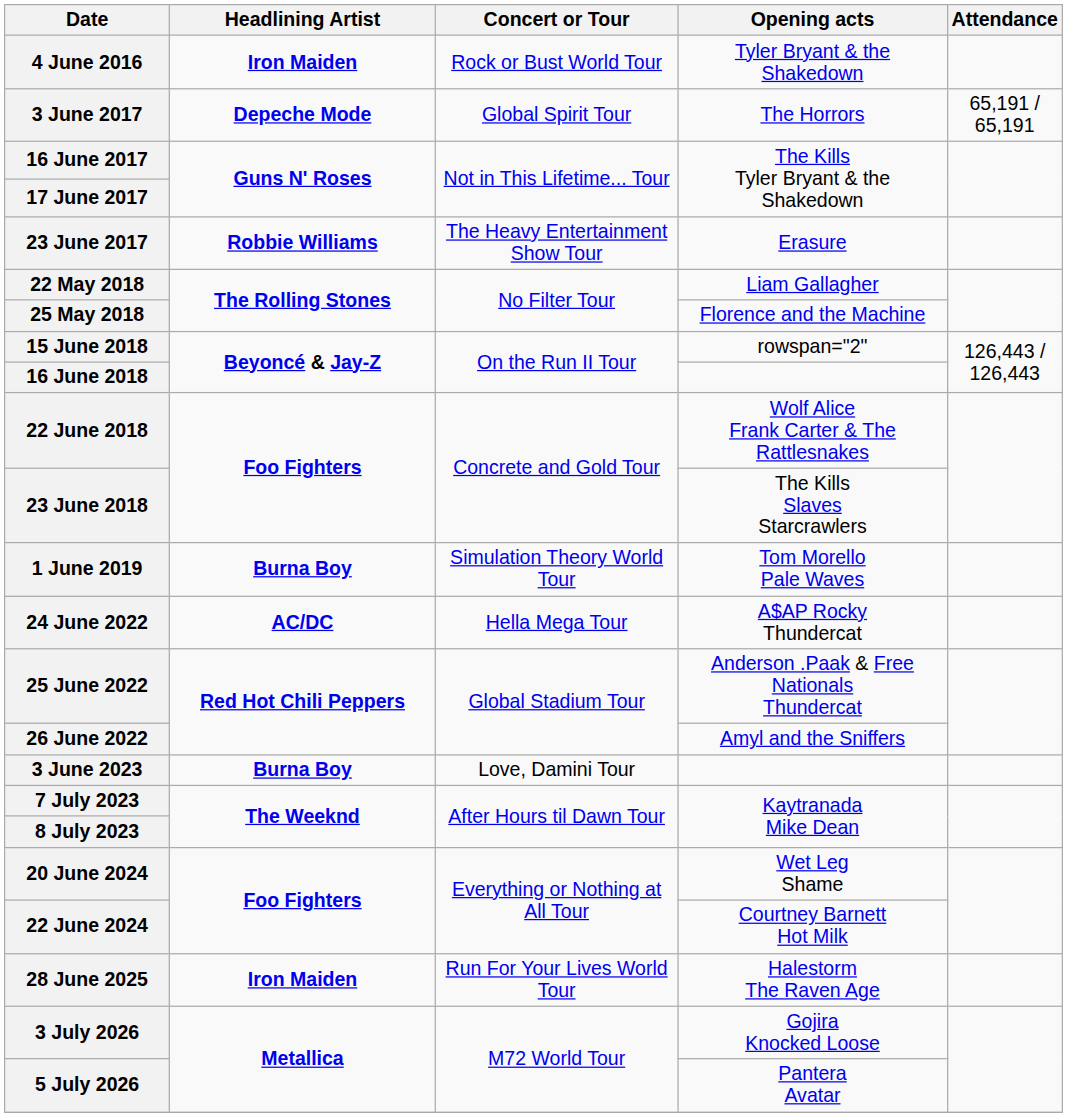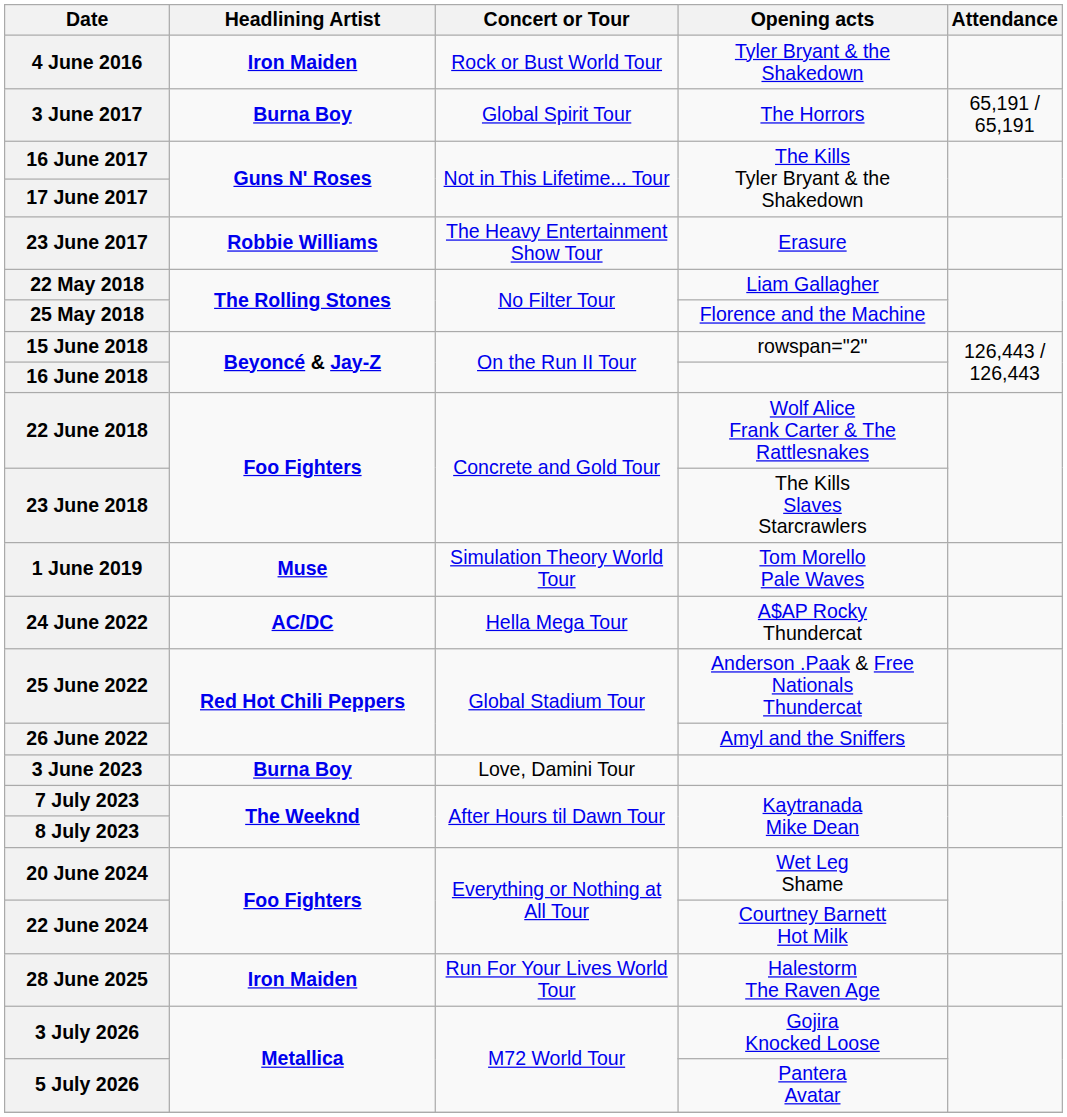 <table class="wikitable plainrowheaders" style="text-align:center;">
 <tr>
 <th scope="col" style="width:10em;">Date</th>
 <th scope="col" style="width:16em;">Headlining Artist</th>
 <th scope="col" style="width:14em;">Concert or Tour</th>
 <th scope="col" style="width:16em;">Opening acts</th>
 <th>Attendance</th>
 </tr>
 <tr>
 <th scope="row">4 June 2016</th>
 <td><strong><a href='#'>Iron Maiden</a></strong></td>
 <td><a href='#'>Rock or Bust World Tour</a></td>
 <td><a href='#'>Tyler Bryant & the Shakedown</a></td>
 <td></td>
 </tr>
 <tr>
 <th scope="row">3 June 2017</th>
-<td><strong><a href='#'>Depeche Mode</a></strong></td>
+<td><strong><a href='#'>Burna Boy</a></strong></td>
 <td><a href='#'>Global Spirit Tour</a></td>
 <td><a href='#'>The Horrors</a></td>
 <td>65,191 / 65,191</td>
 </tr>
 <tr>
 <th scope="row">16 June 2017</th>
 <td rowspan="2"><strong><a href='#'>Guns N' Roses</a></strong></td>
 <td rowspan="2"><a href='#'>Not in This Lifetime... Tour</a></td>
 <td rowspan="2"><a href='#'>The Kills</a> <br> Tyler Bryant & the Shakedown</td>
 <td rowspan="2"></td>
 </tr>
 <tr>
 <th scope="row">17 June 2017</th>
 </tr>
 <tr>
 <th scope="row">23 June 2017</th>
 <td><strong><a href='#'>Robbie Williams</a></strong></td>
 <td><a href='#'>The Heavy Entertainment Show Tour</a></td>
 <td><a href='#'>Erasure</a></td>
 <td></td>
 </tr>
 <tr>
 <th scope="row">22 May 2018</th>
 <td rowspan="2"><strong><a href='#'>The Rolling Stones</a></strong></td>
 <td rowspan="2"><a href='#'>No Filter Tour</a></td>
 <td><a href='#'>Liam Gallagher</a></td>
 <td rowspan="2"></td>
 </tr>
 <tr>
 <th scope="row">25 May 2018</th>
 <td><a href='#'>Florence and the Machine</a></td>
 </tr>
 <tr>
 <th scope="row">15 June 2018</th>
 <td rowspan="2"><strong><a href='#'>Beyoncé</a> & <a href='#'>Jay-Z</a></strong></td>
 <td rowspan="2"><a href='#'>On the Run II Tour</a></td>
 <td>rowspan="2" </td>
 <td rowspan="2">126,443 / 126,443</td>
 </tr>
 <tr>
 <th scope="row">16 June 2018</th>
 </tr>
 <tr>
 <th scope="row">22 June 2018</th>
 <td rowspan="2"><strong><a href='#'>Foo Fighters</a></strong></td>
 <td rowspan="2"><a href='#'>Concrete and Gold Tour</a></td>
 <td><a href='#'>Wolf Alice</a> <br> <a href='#'>Frank Carter & The Rattlesnakes</a></td>
 <td rowspan="2"></td>
 </tr>
 <tr>
 <th scope="row">23 June 2018</th>
 <td>The Kills <br> <a href='#'>Slaves</a> <br> Starcrawlers</td>
 </tr>
 <tr>
 <th scope="row">1 June 2019</th>
-<td><strong><a href='#'>Burna Boy</a></strong></td>
+<td><strong><a href='#'>Muse</a></strong></td>
 <td><a href='#'>Simulation Theory World Tour</a></td>
 <td><a href='#'>Tom Morello</a> <br> <a href='#'>Pale Waves</a></td>
 <td></td>
 </tr>
 <tr>
 <th scope="row">24 June 2022</th>
 <td><strong><a href='#'>AC/DC</a></strong></td>
 <td><a href='#'>Hella Mega Tour</a></td>
 <td><a href='#'>A$AP Rocky</a> <br> Thundercat</td>
 <td></td>
 </tr>
 <tr>
 <th scope="row">25 June 2022</th>
 <td rowspan="2"><strong><a href='#'>Red Hot Chili Peppers</a></strong></td>
 <td rowspan="2"><a href='#'>Global Stadium Tour</a></td>
 <td><a href='#'>Anderson .Paak</a> & <a href='#'>Free Nationals</a> <br> <a href='#'>Thundercat</a></td>
 <td rowspan="2"></td>
 </tr>
 <tr>
 <th scope="row">26 June 2022</th>
 <td><a href='#'>Amyl and the Sniffers</a></td>
 </tr>
 <tr>
 <th scope="row">3 June 2023</th>
 <td><strong><a href='#'>Burna Boy</a></strong></td>
 <td>Love, Damini Tour</td>
 <td></td>
 <td></td>
 </tr>
 <tr>
 <th scope="row">7 July 2023</th>
 <td rowspan="2"><strong><a href='#'>The Weeknd</a></strong></td>
 <td rowspan="2"><a href='#'>After Hours til Dawn Tour</a></td>
 <td rowspan="2"><a href='#'>Kaytranada</a><br><a href='#'>Mike Dean</a></td>
 <td rowspan="2"></td>
 </tr>
 <tr>
 <th scope="row">8 July 2023</th>
 </tr>
 <tr>
 <th scope="row">20 June 2024</th>
 <td rowspan="2"><strong><a href='#'>Foo Fighters</a></strong></td>
 <td rowspan="2"><a href='#'>Everything or Nothing at All Tour</a></td>
 <td><a href='#'>Wet Leg</a><br> Shame</td>
 <td rowspan="2"></td>
 </tr>
 <tr>
 <th scope="row">22 June 2024</th>
 <td><a href='#'>Courtney Barnett</a><br><a href='#'>Hot Milk</a></td>
 </tr>
 <tr>
 <th scope="row">28 June 2025</th>
 <td><strong><a href='#'>Iron Maiden</a></strong></td>
 <td><a href='#'>Run For Your Lives World Tour</a></td>
 <td><a href='#'>Halestorm</a><br><a href='#'>The Raven Age</a></td>
 <td></td>
 </tr>
 <tr>
 <th scope="row">3 July 2026</th>
 <td rowspan="2"><strong><a href='#'>Metallica</a></strong></td>
 <td rowspan="2"><a href='#'>M72 World Tour</a></td>
 <td><a href='#'>Gojira</a><br><a href='#'>Knocked Loose</a></td>
 <td rowspan="2"></td>
 </tr>
 <tr>
 <th scope="row">5 July 2026</th>
 <td><a href='#'>Pantera</a><br><a href='#'>Avatar</a></td>
 </tr>
 <tr>
 </tr>
 </table>
